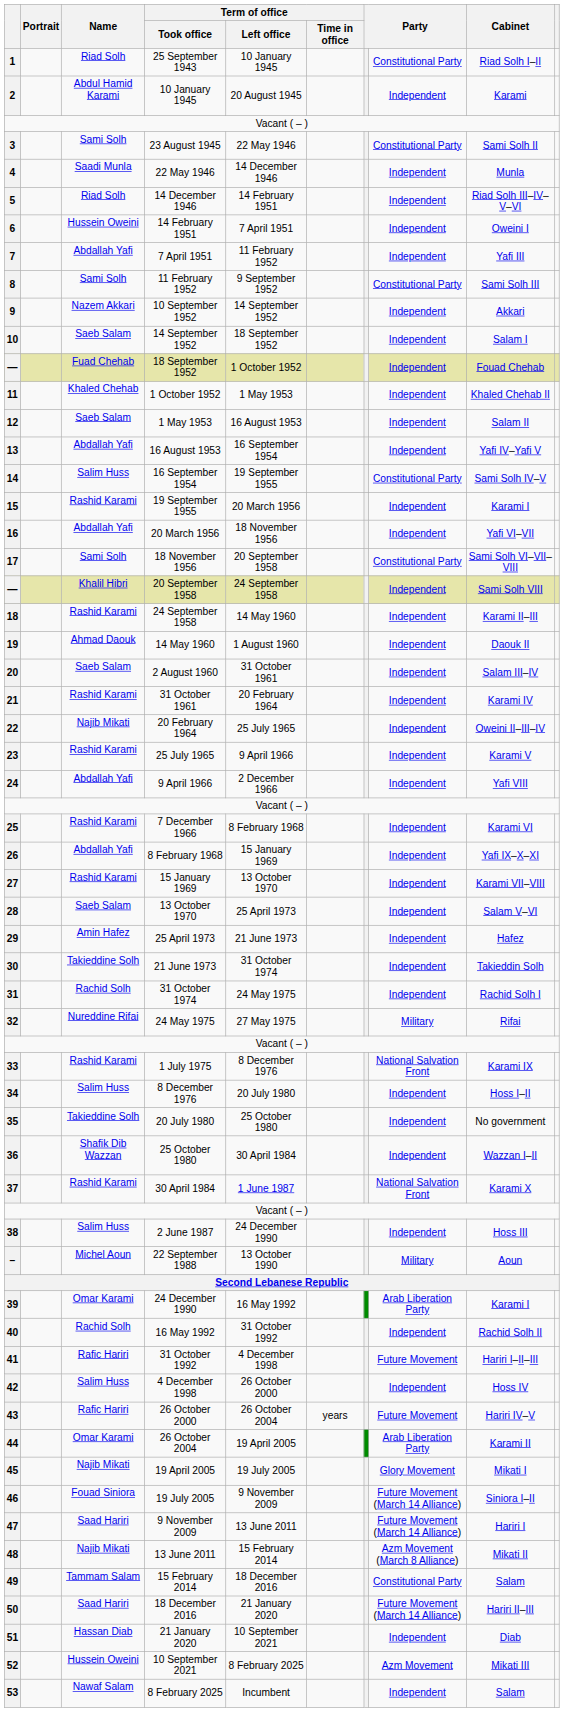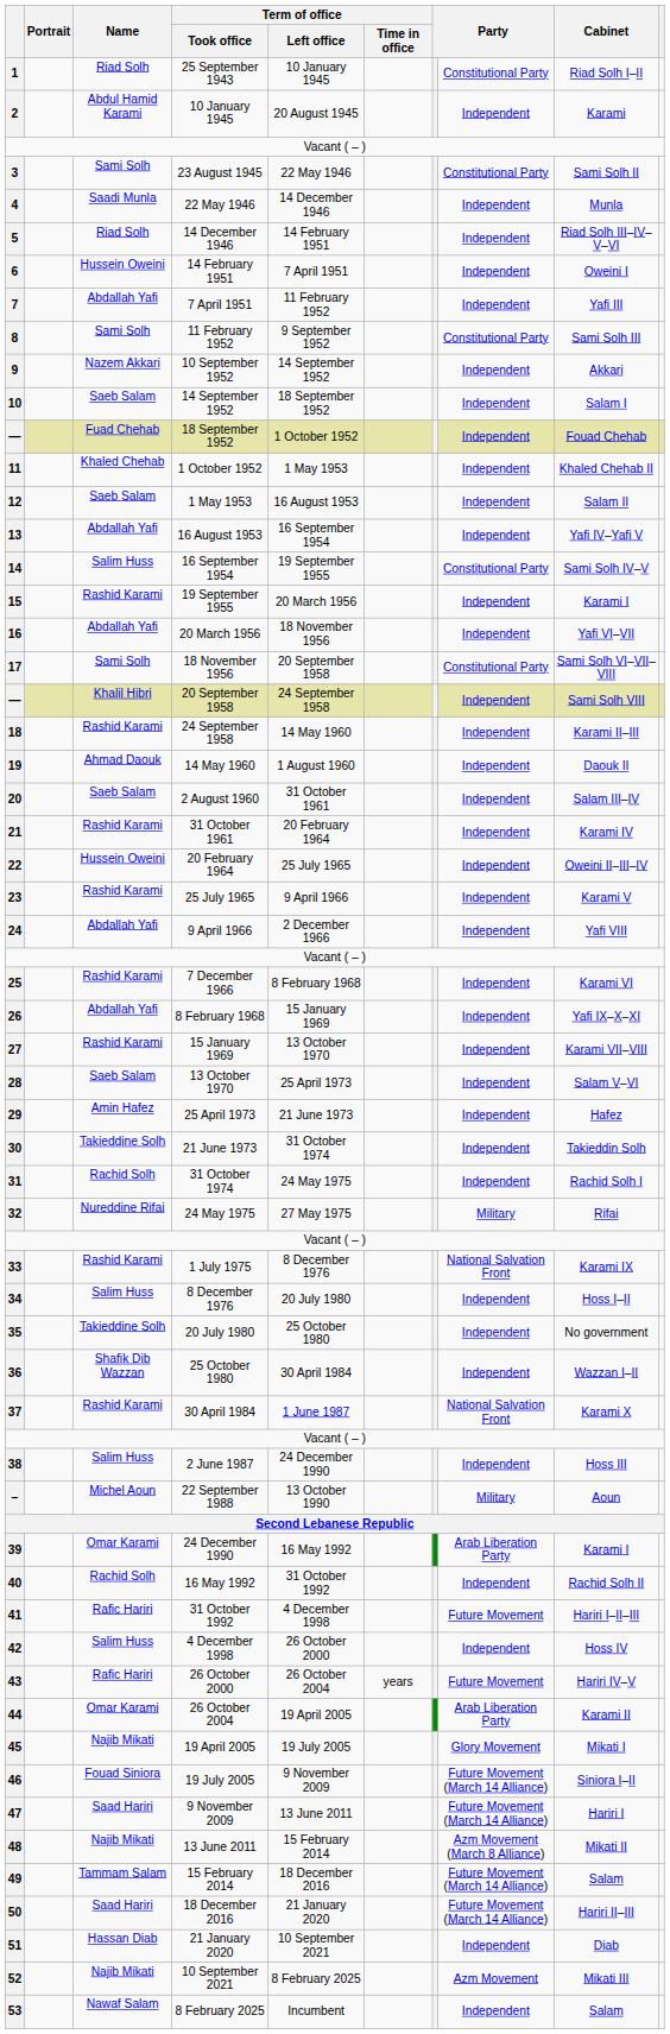 <table class="wikitable" style="text-align:center">
 <tr>
 <th rowspan=2></th>
 <th rowspan=2>Portrait</th>
 <th rowspan=2>Name<br></th>
 <th colspan=3>Term of office</th>
 <th colspan=2 rowspan=2>Party</th>
 <th rowspan=2>Cabinet</th>
 <th rowspan=2></th>
 </tr>
 <tr>
 <th>Took office</th>
 <th>Left office</th>
 <th>Time in office</th>
 </tr>
 <tr>
 <th>1</th>
 <td></td>
 <td><a href='#'>Riad Solh</a><br><br></td>
 <td>25 September 1943</td>
 <td>10 January 1945</td>
 <td></td>
 <th style="background:"></th>
 <td><a href='#'>Constitutional Party</a></td>
 <td><a href='#'>Riad Solh I</a>–<a href='#'>II</a></td>
 <td></td>
 </tr>
 <tr>
 <th>2</th>
 <td></td>
 <td><a href='#'>Abdul Hamid Karami</a><br><br></td>
 <td>10 January 1945</td>
 <td>20 August 1945</td>
 <td></td>
 <th style="background:"></th>
 <td><a href='#'>Independent</a></td>
 <td><a href='#'>Karami</a></td>
 <td></td>
 </tr>
 <tr>
 <td colspan="10">Vacant ( – )</td>
 </tr>
 <tr>
 <th>3</th>
 <td></td>
 <td><a href='#'>Sami Solh</a><br><br></td>
 <td>23 August 1945</td>
 <td>22 May 1946</td>
 <td></td>
 <th style="background:"></th>
 <td><a href='#'>Constitutional Party</a></td>
 <td><a href='#'>Sami Solh II</a></td>
 <td></td>
 </tr>
 <tr>
 <th>4</th>
 <td></td>
 <td><a href='#'>Saadi Munla</a><br><br></td>
 <td>22 May 1946</td>
 <td>14 December 1946</td>
 <td></td>
 <th style="background:"></th>
 <td><a href='#'>Independent</a></td>
 <td><a href='#'>Munla</a></td>
 <td></td>
 </tr>
 <tr>
 <th>5</th>
 <td></td>
 <td><a href='#'>Riad Solh</a><br><br></td>
 <td>14 December 1946</td>
 <td>14 February 1951</td>
 <td></td>
 <th style="background:"></th>
 <td><a href='#'>Independent</a></td>
 <td><a href='#'>Riad Solh III</a>–<a href='#'>IV</a>–<a href='#'>V</a>–<a href='#'>VI</a></td>
 <td></td>
 </tr>
 <tr>
 <th>6</th>
 <td></td>
 <td><a href='#'>Hussein Oweini</a><br><br></td>
 <td>14 February 1951</td>
 <td>7 April 1951</td>
 <td></td>
 <th style="background:"></th>
 <td><a href='#'>Independent</a></td>
 <td><a href='#'>Oweini I</a></td>
 <td></td>
 </tr>
 <tr>
 <th>7</th>
 <td></td>
 <td><a href='#'>Abdallah Yafi</a><br><br></td>
 <td>7 April 1951</td>
 <td>11 February 1952</td>
 <td></td>
 <th style="background:"></th>
 <td><a href='#'>Independent</a></td>
 <td><a href='#'>Yafi III</a></td>
 <td></td>
 </tr>
 <tr>
 <th>8</th>
 <td></td>
 <td><a href='#'>Sami Solh</a><br><br></td>
 <td>11 February 1952</td>
 <td>9 September 1952</td>
 <td></td>
 <th style="background:"></th>
 <td><a href='#'>Constitutional Party</a></td>
 <td><a href='#'>Sami Solh III</a></td>
 <td></td>
 </tr>
 <tr>
 <th>9</th>
 <td></td>
 <td><a href='#'>Nazem Akkari</a><br><br></td>
 <td>10 September 1952</td>
 <td>14 September 1952</td>
 <td></td>
 <th style="background:"></th>
 <td><a href='#'>Independent</a></td>
 <td><a href='#'>Akkari</a></td>
 <td></td>
 </tr>
 <tr>
 <th>10</th>
 <td></td>
 <td><a href='#'>Saeb Salam</a><br><br></td>
 <td>14 September 1952</td>
 <td>18 September 1952</td>
 <td></td>
 <th style="background:"></th>
 <td><a href='#'>Independent</a></td>
 <td><a href='#'>Salam I</a></td>
 <td></td>
 </tr>
 <tr style="background-color:#E6E6AA">
 <th>—</th>
 <td></td>
 <td><a href='#'>Fuad Chehab</a><br><br></td>
 <td>18 September 1952</td>
 <td>1 October 1952</td>
 <td></td>
 <th style="background:"></th>
 <td><a href='#'>Independent</a></td>
 <td><a href='#'>Fouad Chehab</a></td>
 <td></td>
 </tr>
 <tr>
 <th>11</th>
 <td></td>
 <td><a href='#'>Khaled Chehab</a><br><br></td>
 <td>1 October 1952</td>
 <td>1 May 1953</td>
 <td></td>
 <th style="background:"></th>
 <td><a href='#'>Independent</a></td>
 <td><a href='#'>Khaled Chehab II</a></td>
 <td></td>
 </tr>
 <tr>
 <th>12</th>
 <td></td>
 <td><a href='#'>Saeb Salam</a><br><br></td>
 <td>1 May 1953</td>
 <td>16 August 1953</td>
 <td></td>
 <th style="background:"></th>
 <td><a href='#'>Independent</a></td>
 <td><a href='#'>Salam II</a></td>
 <td></td>
 </tr>
 <tr>
 <th>13</th>
 <td></td>
 <td><a href='#'>Abdallah Yafi</a><br><br></td>
 <td>16 August 1953</td>
 <td>16 September 1954</td>
 <td></td>
 <th style="background:"></th>
 <td><a href='#'>Independent</a></td>
 <td><a href='#'>Yafi IV</a>–<a href='#'>Yafi V</a></td>
 <td></td>
 </tr>
 <tr>
 <th>14</th>
 <td></td>
 <td><a href='#'>Salim Huss</a><br><br></td>
 <td>16 September 1954</td>
 <td>19 September 1955</td>
 <td></td>
 <th style="background:"></th>
 <td><a href='#'>Constitutional Party</a></td>
 <td><a href='#'>Sami Solh IV</a>–<a href='#'>V</a></td>
 <td></td>
 </tr>
 <tr>
 <th>15</th>
 <td></td>
 <td><a href='#'>Rashid Karami</a><br><br></td>
 <td>19 September 1955</td>
 <td>20 March 1956</td>
 <td></td>
 <th style="background:"></th>
 <td><a href='#'>Independent</a></td>
 <td><a href='#'>Karami I</a></td>
 <td></td>
 </tr>
 <tr>
 <th>16</th>
 <td></td>
 <td><a href='#'>Abdallah Yafi</a><br><br></td>
 <td>20 March 1956</td>
 <td>18 November 1956</td>
 <td></td>
 <th style="background:"></th>
 <td><a href='#'>Independent</a></td>
 <td><a href='#'>Yafi VI</a>–<a href='#'>VII</a></td>
 <td></td>
 </tr>
 <tr>
 <th>17</th>
 <td></td>
 <td><a href='#'>Sami Solh</a><br><br></td>
 <td>18 November 1956</td>
 <td>20 September 1958</td>
 <td></td>
 <th style="background:"></th>
 <td><a href='#'>Constitutional Party</a></td>
 <td><a href='#'>Sami Solh VI</a>–<a href='#'>VII</a>–<a href='#'>VIII</a></td>
 <td></td>
 </tr>
 <tr style="background-color:#E6E6AA">
 <th>—</th>
 <td></td>
 <td><a href='#'>Khalil Hibri</a><br><br></td>
 <td>20 September 1958</td>
 <td>24 September 1958</td>
 <td></td>
 <th style="background:"></th>
 <td><a href='#'>Independent</a></td>
 <td><a href='#'>Sami Solh VIII</a></td>
 <td></td>
 </tr>
 <tr>
 <th>18</th>
 <td></td>
 <td><a href='#'>Rashid Karami</a><br><br></td>
 <td>24 September 1958</td>
 <td>14 May 1960</td>
 <td></td>
 <th style="background:"></th>
 <td><a href='#'>Independent</a></td>
 <td><a href='#'>Karami II</a>–<a href='#'>III</a></td>
 <td></td>
 </tr>
 <tr>
 <th>19</th>
 <td></td>
 <td><a href='#'>Ahmad Daouk</a><br><br></td>
 <td>14 May 1960</td>
 <td>1 August 1960</td>
 <td></td>
 <th style="background:"></th>
 <td><a href='#'>Independent</a></td>
 <td><a href='#'>Daouk II</a></td>
 <td></td>
 </tr>
 <tr>
 <th>20</th>
 <td></td>
 <td><a href='#'>Saeb Salam</a><br><br></td>
 <td>2 August 1960</td>
 <td>31 October 1961</td>
 <td></td>
 <th style="background:"></th>
 <td><a href='#'>Independent</a></td>
 <td><a href='#'>Salam III</a>–<a href='#'>IV</a></td>
 <td></td>
 </tr>
 <tr>
 <th>21</th>
 <td></td>
 <td><a href='#'>Rashid Karami</a><br><br></td>
 <td>31 October 1961</td>
 <td>20 February 1964</td>
 <td></td>
 <th style="background:"></th>
 <td><a href='#'>Independent</a></td>
 <td><a href='#'>Karami IV</a></td>
 <td></td>
 </tr>
 <tr>
 <th>22</th>
 <td></td>
-<td><a href='#'>Najib Mikati</a><br><br></td>
+<td><a href='#'>Hussein Oweini</a><br><br></td>
 <td>20 February 1964</td>
 <td>25 July 1965</td>
 <td></td>
 <th style="background:"></th>
 <td><a href='#'>Independent</a></td>
 <td><a href='#'>Oweini II</a>–<a href='#'>III</a>–<a href='#'>IV</a></td>
 <td></td>
 </tr>
 <tr>
 <th>23</th>
 <td></td>
 <td><a href='#'>Rashid Karami</a><br><br></td>
 <td>25 July 1965</td>
 <td>9 April 1966</td>
 <td></td>
 <th style="background:"></th>
 <td><a href='#'>Independent</a></td>
 <td><a href='#'>Karami V</a></td>
 <td></td>
 </tr>
 <tr>
 <th>24</th>
 <td></td>
 <td><a href='#'>Abdallah Yafi</a><br><br></td>
 <td>9 April 1966</td>
 <td>2 December 1966</td>
 <td></td>
 <th style="background:"></th>
 <td><a href='#'>Independent</a></td>
 <td><a href='#'>Yafi VIII</a></td>
 <td></td>
 </tr>
 <tr>
 <td colspan="10">Vacant ( – )</td>
 </tr>
 <tr>
 <th>25</th>
 <td></td>
 <td><a href='#'>Rashid Karami</a><br><br></td>
 <td>7 December 1966</td>
 <td>8 February 1968</td>
 <td></td>
 <th style="background:"></th>
 <td><a href='#'>Independent</a></td>
 <td><a href='#'>Karami VI</a></td>
 <td></td>
 </tr>
 <tr>
 <th>26</th>
 <td></td>
 <td><a href='#'>Abdallah Yafi</a><br><br></td>
 <td>8 February 1968</td>
 <td>15 January 1969</td>
 <td></td>
 <th style="background:"></th>
 <td><a href='#'>Independent</a></td>
 <td><a href='#'>Yafi IX</a>–<a href='#'>X</a>–<a href='#'>XI</a></td>
 <td></td>
 </tr>
 <tr>
 <th>27</th>
 <td></td>
 <td><a href='#'>Rashid Karami</a><br><br></td>
 <td>15 January 1969</td>
 <td>13 October 1970</td>
 <td></td>
 <th style="background:"></th>
 <td><a href='#'>Independent</a></td>
 <td><a href='#'>Karami VII</a>–<a href='#'>VIII</a></td>
 <td></td>
 </tr>
 <tr>
 <th>28</th>
 <td></td>
 <td><a href='#'>Saeb Salam</a><br><br></td>
 <td>13 October 1970</td>
 <td>25 April 1973</td>
 <td></td>
 <th style="background:"></th>
 <td><a href='#'>Independent</a></td>
 <td><a href='#'>Salam V</a>–<a href='#'>VI</a></td>
 <td></td>
 </tr>
 <tr>
 <th>29</th>
 <td></td>
 <td><a href='#'>Amin Hafez</a><br><br></td>
 <td>25 April 1973</td>
 <td>21 June 1973</td>
 <td></td>
 <th style="background:"></th>
 <td><a href='#'>Independent</a></td>
 <td><a href='#'>Hafez</a></td>
 <td></td>
 </tr>
 <tr>
 <th>30</th>
 <td></td>
 <td><a href='#'>Takieddine Solh</a><br><br></td>
 <td>21 June 1973</td>
 <td>31 October 1974</td>
 <td></td>
 <th style="background:"></th>
 <td><a href='#'>Independent</a></td>
 <td><a href='#'>Takieddin Solh</a></td>
 <td></td>
 </tr>
 <tr>
 <th>31</th>
 <td></td>
 <td><a href='#'>Rachid Solh</a><br><br></td>
 <td>31 October 1974</td>
 <td>24 May 1975</td>
 <td></td>
 <th style="background:"></th>
 <td><a href='#'>Independent</a></td>
 <td><a href='#'>Rachid Solh I</a></td>
 <td></td>
 </tr>
 <tr>
 <th>32</th>
 <td></td>
 <td><a href='#'>Nureddine Rifai</a><br><br></td>
 <td>24 May 1975</td>
 <td>27 May 1975</td>
 <td></td>
 <th style="background:"></th>
 <td><a href='#'>Military</a></td>
 <td><a href='#'>Rifai</a></td>
 <td></td>
 </tr>
 <tr>
 <td colspan="10">Vacant ( – )</td>
 </tr>
 <tr>
 <th>33</th>
 <td></td>
 <td><a href='#'>Rashid Karami</a><br><br></td>
 <td>1 July 1975</td>
 <td>8 December 1976</td>
 <td></td>
 <th style="background:"></th>
 <td><a href='#'>National Salvation Front</a></td>
 <td><a href='#'>Karami IX</a></td>
 <td></td>
 </tr>
 <tr>
 <th>34</th>
 <td></td>
 <td><a href='#'>Salim Huss</a><br><br></td>
 <td>8 December 1976</td>
 <td>20 July 1980</td>
 <td></td>
 <th style="background:"></th>
 <td><a href='#'>Independent</a></td>
 <td><a href='#'>Hoss I</a>–<a href='#'>II</a></td>
 <td></td>
 </tr>
 <tr>
 <th>35</th>
 <td></td>
 <td><a href='#'>Takieddine Solh</a><br><br></td>
 <td>20 July 1980</td>
 <td>25 October 1980</td>
 <td></td>
 <th style="background:"></th>
 <td><a href='#'>Independent</a></td>
 <td>No government</td>
 <td></td>
 </tr>
 <tr>
 <th>36</th>
 <td></td>
 <td><a href='#'>Shafik Dib Wazzan</a><br><br></td>
 <td>25 October 1980</td>
 <td>30 April 1984</td>
 <td></td>
 <th style="background:"></th>
 <td><a href='#'>Independent</a></td>
 <td><a href='#'>Wazzan I</a>–<a href='#'>II</a></td>
 <td></td>
 </tr>
 <tr>
 <th>37</th>
 <td></td>
 <td><a href='#'>Rashid Karami</a><br><br></td>
 <td>30 April 1984</td>
 <td><a href='#'>1 June 1987</a></td>
 <td></td>
 <th style="background:"></th>
 <td><a href='#'>National Salvation Front</a></td>
 <td><a href='#'>Karami X</a></td>
 <td></td>
 </tr>
 <tr>
 <td colspan="10">Vacant ( – )</td>
 </tr>
 <tr>
 <th>38</th>
 <td></td>
 <td><a href='#'>Salim Huss</a><br><br></td>
 <td>2 June 1987</td>
 <td>24 December 1990<br></td>
 <td></td>
 <th style="background:"></th>
 <td><a href='#'>Independent</a></td>
 <td><a href='#'>Hoss III</a></td>
 <td></td>
 </tr>
 <tr>
 <th>–</th>
 <td></td>
 <td><a href='#'>Michel Aoun</a><br><br></td>
 <td>22 September 1988<br></td>
 <td>13 October 1990</td>
 <td></td>
 <th style="background:"></th>
 <td><a href='#'>Military</a></td>
 <td><a href='#'>Aoun</a></td>
 <td></td>
 </tr>
 <tr>
 <th colspan="10"> <a href='#'>Second Lebanese Republic</a></th>
 </tr>
 <tr>
 <th>39</th>
 <td></td>
 <td><a href='#'>Omar Karami</a><br><br></td>
 <td>24 December 1990</td>
 <td>16 May 1992</td>
 <td></td>
 <th style="background:#008c00;"></th>
 <td><a href='#'>Arab Liberation Party</a></td>
 <td><a href='#'>Karami I</a></td>
 <td></td>
 </tr>
 <tr>
 <th>40</th>
 <td></td>
 <td><a href='#'>Rachid Solh</a><br><br></td>
 <td>16 May 1992</td>
 <td>31 October 1992</td>
 <td></td>
 <th style="background:"></th>
 <td><a href='#'>Independent</a></td>
 <td><a href='#'>Rachid Solh II</a></td>
 <td></td>
 </tr>
 <tr>
 <th>41</th>
 <td></td>
 <td><a href='#'>Rafic Hariri</a><br><br></td>
 <td>31 October 1992</td>
 <td>4 December 1998</td>
 <td></td>
 <th style="background:"></th>
 <td><a href='#'>Future Movement</a></td>
 <td><a href='#'>Hariri I</a>–<a href='#'>II</a>–<a href='#'>III</a></td>
 <td></td>
 </tr>
 <tr>
 <th>42</th>
 <td></td>
 <td><a href='#'>Salim Huss</a><br><br></td>
 <td>4 December 1998</td>
 <td>26 October 2000</td>
 <td></td>
 <th style="background:"></th>
 <td><a href='#'>Independent</a></td>
 <td><a href='#'>Hoss IV</a></td>
 <td></td>
 </tr>
 <tr>
 <th>43</th>
 <td></td>
 <td><a href='#'>Rafic Hariri</a><br><br></td>
 <td>26 October 2000</td>
 <td>26 October 2004</td>
 <td> years</td>
 <th style="background:"></th>
 <td><a href='#'>Future Movement</a></td>
 <td><a href='#'>Hariri IV</a>–<a href='#'>V</a></td>
 <td></td>
 </tr>
 <tr>
 <th>44</th>
 <td></td>
 <td><a href='#'>Omar Karami</a><br><br></td>
 <td>26 October 2004</td>
 <td>19 April 2005</td>
 <td></td>
 <th style="background:#008c00;"></th>
 <td><a href='#'>Arab Liberation Party</a></td>
 <td><a href='#'>Karami II</a></td>
 <td></td>
 </tr>
 <tr>
 <th>45</th>
 <td></td>
 <td><a href='#'>Najib Mikati</a><br><br></td>
 <td>19 April 2005</td>
 <td>19 July 2005</td>
 <td></td>
 <th style="background:"></th>
 <td><a href='#'>Glory Movement</a></td>
 <td><a href='#'>Mikati I</a></td>
 <td></td>
 </tr>
 <tr>
 <th>46</th>
 <td></td>
 <td><a href='#'>Fouad Siniora</a><br><br></td>
 <td>19 July 2005</td>
 <td>9 November 2009</td>
 <td></td>
 <th style="background:"></th>
 <td><a href='#'>Future Movement</a><br>(<a href='#'>March 14 Alliance</a>)</td>
 <td><a href='#'>Siniora I</a>–<a href='#'>II</a></td>
 <td></td>
 </tr>
 <tr>
 <th>47</th>
 <td></td>
 <td><a href='#'>Saad Hariri</a><br><br></td>
 <td>9 November 2009</td>
 <td>13 June 2011</td>
 <td></td>
 <th style="background:"></th>
 <td><a href='#'>Future Movement</a><br>(<a href='#'>March 14 Alliance</a>)</td>
 <td><a href='#'>Hariri I</a></td>
 <td></td>
 </tr>
 <tr>
 <th>48</th>
 <td></td>
 <td><a href='#'>Najib Mikati</a><br><br></td>
 <td>13 June 2011</td>
 <td>15 February 2014</td>
 <td></td>
 <th style="background:"></th>
 <td><a href='#'>Azm Movement</a><br>(<a href='#'>March 8 Alliance</a>)</td>
 <td><a href='#'>Mikati II</a></td>
 <td></td>
 </tr>
 <tr>
 <th>49</th>
 <td></td>
 <td><a href='#'>Tammam Salam</a><br><br></td>
 <td>15 February 2014</td>
 <td>18 December 2016</td>
 <td></td>
 <th style="background:"></th>
-<td><a href='#'>Constitutional Party</a></td>
+<td><a href='#'>Future Movement</a><br>(<a href='#'>March 14 Alliance</a>)</td>
 <td><a href='#'>Salam</a></td>
 <td></td>
 </tr>
 <tr>
 <th>50</th>
 <td></td>
 <td><a href='#'>Saad Hariri</a><br><br></td>
 <td>18 December 2016</td>
 <td>21 January 2020</td>
 <td></td>
 <th style="background:"></th>
 <td><a href='#'>Future Movement</a><br>(<a href='#'>March 14 Alliance</a>)</td>
 <td><a href='#'>Hariri II</a>–<a href='#'>III</a></td>
 <td></td>
 </tr>
 <tr>
 <th>51</th>
 <td></td>
 <td><a href='#'>Hassan Diab</a><br><br></td>
 <td>21 January 2020</td>
 <td>10 September 2021</td>
 <td></td>
 <th style="background:"></th>
 <td><a href='#'>Independent</a></td>
 <td><a href='#'>Diab</a></td>
 <td></td>
 </tr>
 <tr>
 <th>52</th>
 <td></td>
-<td><a href='#'>Hussein Oweini</a><br><br></td>
+<td><a href='#'>Najib Mikati</a><br><br></td>
 <td>10 September 2021</td>
 <td>8 February 2025</td>
 <td></td>
 <th style="background:"></th>
 <td><a href='#'>Azm Movement</a></td>
 <td><a href='#'>Mikati III</a></td>
 <td></td>
 </tr>
 <tr>
 <th>53</th>
 <td></td>
 <td><a href='#'>Nawaf Salam</a><br><br></td>
 <td>8 February 2025</td>
 <td>Incumbent</td>
 <td></td>
 <th style="background:"></th>
 <td><a href='#'>Independent</a></td>
 <td><a href='#'>Salam</a></td>
 <td></td>
 </tr>
 </table>
